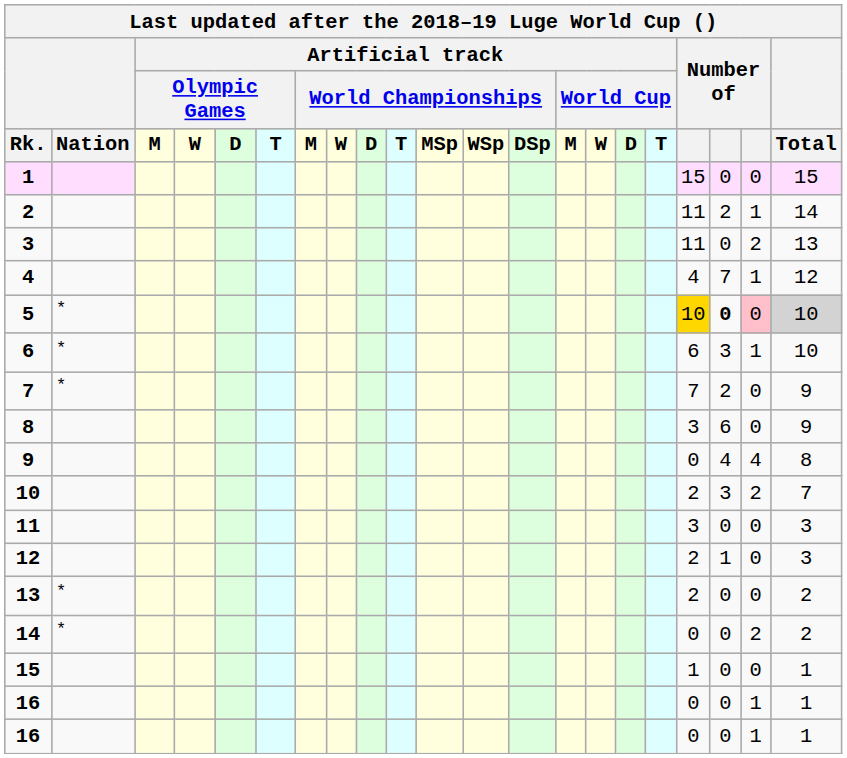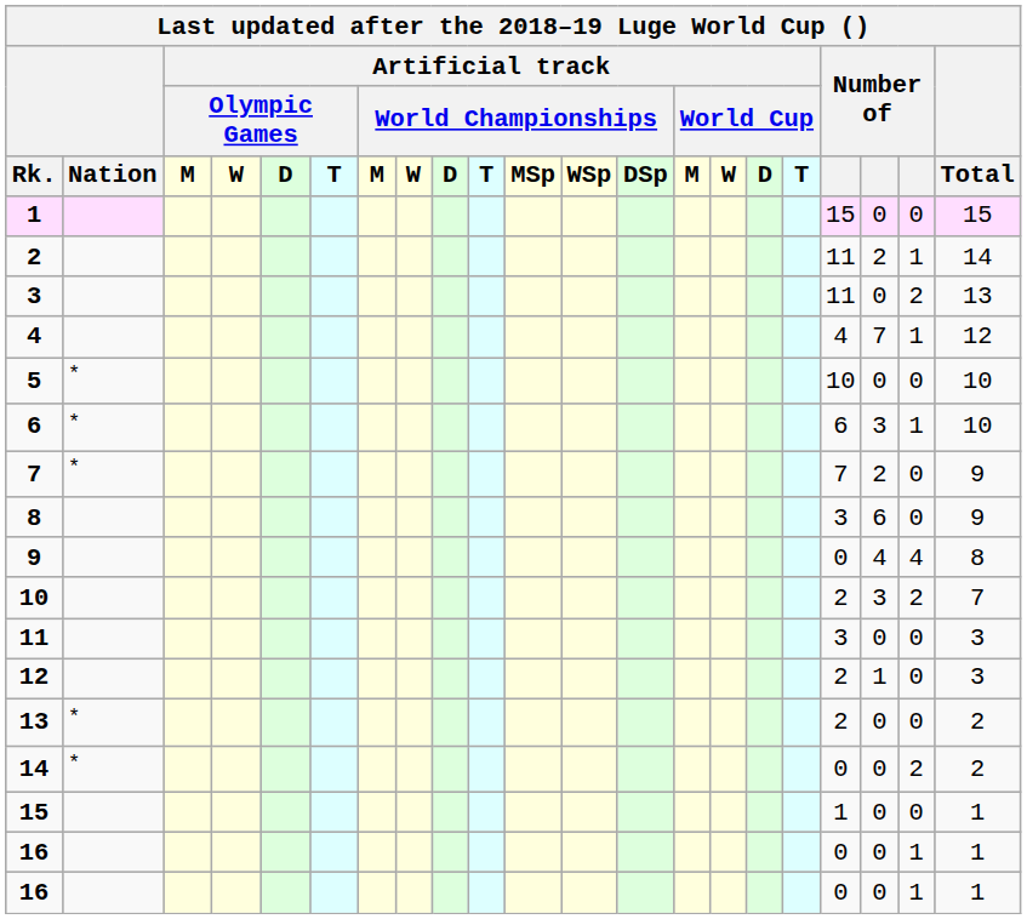 <table class="wikitable" style="margin-top: 0em; text-align: center; font-size: 100%;">
 <tr>
 <th colspan="21">Last updated after the 2018–19 Luge World Cup ()</th>
 </tr>
 <tr>
 <th rowspan="2" colspan="2"></th>
 <th colspan="15">Artificial track</th>
 <th rowspan="2" colspan="3">Number of</th>
 <th rowspan="2"></th>
 </tr>
 <tr>
 <th colspan="4"><a href='#'>Olympic Games</a></th>
 <th colspan="7"><a href='#'>World Championships</a></th>
 <th colspan="4"><a href='#'>World Cup</a></th>
 </tr>
 <tr>
 <th style="width: 1em;">Rk.</th>
 <th>Nation</th>
 <th style="background: #ffd; width: 1.5em;">M</th>
 <th style="background: #ffd; width: 1.5em;">W</th>
 <th style="background: #dfd; width: 1.5em;">D</th>
 <th style="background: #dff; width: 1.5em;">T</th>
 <th style="background: #ffd; width: 1em;">M</th>
 <th style="background: #ffd; width: 1em;">W</th>
 <th style="background: #dfd; width: 1em;">D</th>
 <th style="background: #dff; width: 1em;">T</th>
 <th style="background: #ffd; width: 1em;">MSp</th>
 <th style="background: #ffd; width: 1em;">WSp</th>
 <th style="background: #dfd; width: 1em;">DSp</th>
 <th style="background: #ffd; width: 1em;">M</th>
 <th style="background: #ffd; width: 1em;">W</th>
 <th style="background: #dfd; width: 1em;">D</th>
 <th style="background: #dff; width: 1em;">T</th>
 <th style="width: 1em;"></th>
 <th style="width: 1em;"></th>
 <th style="width: 1em;"></th>
 <th style="width: 1em;">Total</th>
 </tr>
 <tr style="background: #fdf;">
 <td><strong>1</strong></td>
 <td style="text-align: left;"></td>
 <td style="background: #ffd;"></td>
 <td style="background: #ffd;"></td>
 <td style="background: #dfd;"></td>
 <td style="background: #dff;"></td>
 <td style="background: #ffd;"></td>
 <td style="background: #ffd;"></td>
 <td style="background: #dfd;"></td>
 <td style="background: #dff;"></td>
 <td style="background: #ffd;"></td>
 <td style="background: #ffd;"></td>
 <td style="background: #dfd;"></td>
 <td style="background: #ffd;"></td>
 <td style="background: #ffd;"></td>
 <td style="background: #dfd;"></td>
 <td style="background: #dff;"></td>
 <td>15</td>
 <td>0</td>
 <td>0</td>
 <td>15</td>
 </tr>
 <tr>
 <td><strong>2</strong></td>
 <td style="text-align: left;"></td>
 <td style="background: #ffd;"></td>
 <td style="background: #ffd;"></td>
 <td style="background: #dfd;"></td>
 <td style="background: #dff;"></td>
 <td style="background: #ffd;"></td>
 <td style="background: #ffd;"></td>
 <td style="background: #dfd;"></td>
 <td style="background: #dff;"></td>
 <td style="background: #ffd;"></td>
 <td style="background: #ffd;"></td>
 <td style="background: #dfd;"></td>
 <td style="background: #ffd;"></td>
 <td style="background: #ffd;"></td>
 <td style="background: #dfd;"></td>
 <td style="background: #dff;"></td>
 <td>11</td>
 <td>2</td>
 <td>1</td>
 <td>14</td>
 </tr>
 <tr>
 <td><strong>3</strong></td>
 <td style="text-align: left;"></td>
 <td style="background: #ffd;"></td>
 <td style="background: #ffd;"></td>
 <td style="background: #dfd;"></td>
 <td style="background: #dff;"></td>
 <td style="background: #ffd;"></td>
 <td style="background: #ffd;"></td>
 <td style="background: #dfd;"></td>
 <td style="background: #dff;"></td>
 <td style="background: #ffd;"></td>
 <td style="background: #ffd;"></td>
 <td style="background: #dfd;"></td>
 <td style="background: #ffd;"></td>
 <td style="background: #ffd;"></td>
 <td style="background: #dfd;"></td>
 <td style="background: #dff;"></td>
 <td>11</td>
 <td>0</td>
 <td>2</td>
 <td>13</td>
 </tr>
 <tr>
 <td><strong>4</strong></td>
 <td style="text-align: left;"></td>
 <td style="background: #ffd;"></td>
 <td style="background: #ffd;"></td>
 <td style="background: #dfd;"></td>
 <td style="background: #dff;"></td>
 <td style="background: #ffd;"></td>
 <td style="background: #ffd;"></td>
 <td style="background: #dfd;"></td>
 <td style="background: #dff;"></td>
 <td style="background: #ffd;"></td>
 <td style="background: #ffd;"></td>
 <td style="background: #dfd;"></td>
 <td style="background: #ffd;"></td>
 <td style="background: #ffd;"></td>
 <td style="background: #dfd;"></td>
 <td style="background: #dff;"></td>
 <td>4</td>
 <td>7</td>
 <td>1</td>
 <td>12</td>
 </tr>
 <tr>
 <td><strong>5</strong></td>
 <td style="text-align: left;"><em></em><sup>*</sup></td>
 <td style="background: #ffd;"></td>
 <td style="background: #ffd;"></td>
 <td style="background: #dfd;"></td>
 <td style="background: #dff;"></td>
 <td style="background: #ffd;"></td>
 <td style="background: #ffd;"></td>
 <td style="background: #dfd;"></td>
 <td style="background: #dff;"></td>
 <td style="background: #ffd;"></td>
 <td style="background: #ffd;"></td>
 <td style="background: #dfd;"></td>
 <td style="background: #ffd;"></td>
 <td style="background: #ffd;"></td>
 <td style="background: #dfd;"></td>
 <td style="background: #dff;"></td>
-<td style="background: gold;">10</td>
-<td><strong>0</strong></td>
-<td style="background: pink;">0</td>
-<td style="background: lightgrey;">10</td>
+<td>10</td>
+<td>0</td>
+<td>0</td>
+<td>10</td>
 </tr>
 <tr>
 <td><strong>6</strong></td>
 <td style="text-align: left;"><em></em><sup>*</sup></td>
 <td style="background: #ffd;"></td>
 <td style="background: #ffd;"></td>
 <td style="background: #dfd;"></td>
 <td style="background: #dff;"></td>
 <td style="background: #ffd;"></td>
 <td style="background: #ffd;"></td>
 <td style="background: #dfd;"></td>
 <td style="background: #dff;"></td>
 <td style="background: #ffd;"></td>
 <td style="background: #ffd;"></td>
 <td style="background: #dfd;"></td>
 <td style="background: #ffd;"></td>
 <td style="background: #ffd;"></td>
 <td style="background: #dfd;"></td>
 <td style="background: #dff;"></td>
 <td>6</td>
 <td>3</td>
 <td>1</td>
 <td>10</td>
 </tr>
 <tr>
 <td><strong>7</strong></td>
 <td style="text-align: left;"><em></em><sup>*</sup></td>
 <td style="background: #ffd;"></td>
 <td style="background: #ffd;"></td>
 <td style="background: #dfd;"></td>
 <td style="background: #dff;"></td>
 <td style="background: #ffd;"></td>
 <td style="background: #ffd;"></td>
 <td style="background: #dfd;"></td>
 <td style="background: #dff;"></td>
 <td style="background: #ffd;"></td>
 <td style="background: #ffd;"></td>
 <td style="background: #dfd;"></td>
 <td style="background: #ffd;"></td>
 <td style="background: #ffd;"></td>
 <td style="background: #dfd;"></td>
 <td style="background: #dff;"></td>
 <td>7</td>
 <td>2</td>
 <td>0</td>
 <td>9</td>
 </tr>
 <tr>
 <td><strong>8</strong></td>
 <td style="text-align: left;"></td>
 <td style="background: #ffd;"></td>
 <td style="background: #ffd;"></td>
 <td style="background: #dfd;"></td>
 <td style="background: #dff;"></td>
 <td style="background: #ffd;"></td>
 <td style="background: #ffd;"></td>
 <td style="background: #dfd;"></td>
 <td style="background: #dff;"></td>
 <td style="background: #ffd;"></td>
 <td style="background: #ffd;"></td>
 <td style="background: #dfd;"></td>
 <td style="background: #ffd;"></td>
 <td style="background: #ffd;"></td>
 <td style="background: #dfd;"></td>
 <td style="background: #dff;"></td>
 <td>3</td>
 <td>6</td>
 <td>0</td>
 <td>9</td>
 </tr>
 <tr>
 <td><strong>9</strong></td>
 <td style="text-align: left;"></td>
 <td style="background: #ffd;"></td>
 <td style="background: #ffd;"></td>
 <td style="background: #dfd;"></td>
 <td style="background: #dff;"></td>
 <td style="background: #ffd;"></td>
 <td style="background: #ffd;"></td>
 <td style="background: #dfd;"></td>
 <td style="background: #dff;"></td>
 <td style="background: #ffd;"></td>
 <td style="background: #ffd;"></td>
 <td style="background: #dfd;"></td>
 <td style="background: #ffd;"></td>
 <td style="background: #ffd;"></td>
 <td style="background: #dfd;"></td>
 <td style="background: #dff;"></td>
 <td>0</td>
 <td>4</td>
 <td>4</td>
 <td>8</td>
 </tr>
 <tr>
 <td><strong>10</strong></td>
 <td style="text-align: left;"></td>
 <td style="background: #ffd;"></td>
 <td style="background: #ffd;"></td>
 <td style="background: #dfd;"></td>
 <td style="background: #dff;"></td>
 <td style="background: #ffd;"></td>
 <td style="background: #ffd;"></td>
 <td style="background: #dfd;"></td>
 <td style="background: #dff;"></td>
 <td style="background: #ffd;"></td>
 <td style="background: #ffd;"></td>
 <td style="background: #dfd;"></td>
 <td style="background: #ffd;"></td>
 <td style="background: #ffd;"></td>
 <td style="background: #dfd;"></td>
 <td style="background: #dff;"></td>
 <td>2</td>
 <td>3</td>
 <td>2</td>
 <td>7</td>
 </tr>
 <tr>
 <td><strong>11</strong></td>
 <td style="text-align: left;"></td>
 <td style="background: #ffd;"></td>
 <td style="background: #ffd;"></td>
 <td style="background: #dfd;"></td>
 <td style="background: #dff;"></td>
 <td style="background: #ffd;"></td>
 <td style="background: #ffd;"></td>
 <td style="background: #dfd;"></td>
 <td style="background: #dff;"></td>
 <td style="background: #ffd;"></td>
 <td style="background: #ffd;"></td>
 <td style="background: #dfd;"></td>
 <td style="background: #ffd;"></td>
 <td style="background: #ffd;"></td>
 <td style="background: #dfd;"></td>
 <td style="background: #dff;"></td>
 <td>3</td>
 <td>0</td>
 <td>0</td>
 <td>3</td>
 </tr>
 <tr>
 <td><strong>12</strong></td>
 <td style="text-align: left;"></td>
 <td style="background: #ffd;"></td>
 <td style="background: #ffd;"></td>
 <td style="background: #dfd;"></td>
 <td style="background: #dff;"></td>
 <td style="background: #ffd;"></td>
 <td style="background: #ffd;"></td>
 <td style="background: #dfd;"></td>
 <td style="background: #dff;"></td>
 <td style="background: #ffd;"></td>
 <td style="background: #ffd;"></td>
 <td style="background: #dfd;"></td>
 <td style="background: #ffd;"></td>
 <td style="background: #ffd;"></td>
 <td style="background: #dfd;"></td>
 <td style="background: #dff;"></td>
 <td>2</td>
 <td>1</td>
 <td>0</td>
 <td>3</td>
 </tr>
 <tr>
 <td><strong>13</strong></td>
 <td style="text-align: left;"><em></em><sup>*</sup></td>
 <td style="background: #ffd;"></td>
 <td style="background: #ffd;"></td>
 <td style="background: #dfd;"></td>
 <td style="background: #dff;"></td>
 <td style="background: #ffd;"></td>
 <td style="background: #ffd;"></td>
 <td style="background: #dfd;"></td>
 <td style="background: #dff;"></td>
 <td style="background: #ffd;"></td>
 <td style="background: #ffd;"></td>
 <td style="background: #dfd;"></td>
 <td style="background: #ffd;"></td>
 <td style="background: #ffd;"></td>
 <td style="background: #dfd;"></td>
 <td style="background: #dff;"></td>
 <td>2</td>
 <td>0</td>
 <td>0</td>
 <td>2</td>
 </tr>
 <tr>
 <td><strong>14</strong></td>
 <td style="text-align: left;"><em></em><sup>*</sup></td>
 <td style="background: #ffd;"></td>
 <td style="background: #ffd;"></td>
 <td style="background: #dfd;"></td>
 <td style="background: #dff;"></td>
 <td style="background: #ffd;"></td>
 <td style="background: #ffd;"></td>
 <td style="background: #dfd;"></td>
 <td style="background: #dff;"></td>
 <td style="background: #ffd;"></td>
 <td style="background: #ffd;"></td>
 <td style="background: #dfd;"></td>
 <td style="background: #ffd;"></td>
 <td style="background: #ffd;"></td>
 <td style="background: #dfd;"></td>
 <td style="background: #dff;"></td>
 <td>0</td>
 <td>0</td>
 <td>2</td>
 <td>2</td>
 </tr>
 <tr>
 <td><strong>15</strong></td>
 <td style="text-align: left;"></td>
 <td style="background: #ffd;"></td>
 <td style="background: #ffd;"></td>
 <td style="background: #dfd;"></td>
 <td style="background: #dff;"></td>
 <td style="background: #ffd;"></td>
 <td style="background: #ffd;"></td>
 <td style="background: #dfd;"></td>
 <td style="background: #dff;"></td>
 <td style="background: #ffd;"></td>
 <td style="background: #ffd;"></td>
 <td style="background: #dfd;"></td>
 <td style="background: #ffd;"></td>
 <td style="background: #ffd;"></td>
 <td style="background: #dfd;"></td>
 <td style="background: #dff;"></td>
 <td>1</td>
 <td>0</td>
 <td>0</td>
 <td>1</td>
 </tr>
 <tr>
 <td><strong>16</strong></td>
 <td style="text-align: left;"></td>
 <td style="background: #ffd;"></td>
 <td style="background: #ffd;"></td>
 <td style="background: #dfd;"></td>
 <td style="background: #dff;"></td>
 <td style="background: #ffd;"></td>
 <td style="background: #ffd;"></td>
 <td style="background: #dfd;"></td>
 <td style="background: #dff;"></td>
 <td style="background: #ffd;"></td>
 <td style="background: #ffd;"></td>
 <td style="background: #dfd;"></td>
 <td style="background: #ffd;"></td>
 <td style="background: #ffd;"></td>
 <td style="background: #dfd;"></td>
 <td style="background: #dff;"></td>
 <td>0</td>
 <td>0</td>
 <td>1</td>
 <td>1</td>
 </tr>
 <tr>
 <td><strong>16</strong></td>
 <td style="text-align: left;"></td>
 <td style="background: #ffd;"></td>
 <td style="background: #ffd;"></td>
 <td style="background: #dfd;"></td>
 <td style="background: #dff;"></td>
 <td style="background: #ffd;"></td>
 <td style="background: #ffd;"></td>
 <td style="background: #dfd;"></td>
 <td style="background: #dff;"></td>
 <td style="background: #ffd;"></td>
 <td style="background: #ffd;"></td>
 <td style="background: #dfd;"></td>
 <td style="background: #ffd;"></td>
 <td style="background: #ffd;"></td>
 <td style="background: #dfd;"></td>
 <td style="background: #dff;"></td>
 <td>0</td>
 <td>0</td>
 <td>1</td>
 <td>1</td>
 </tr>
 </table>
